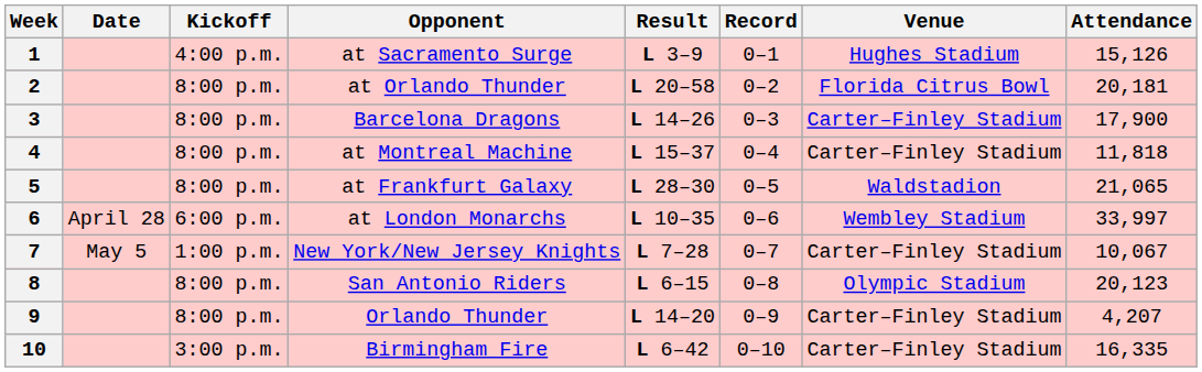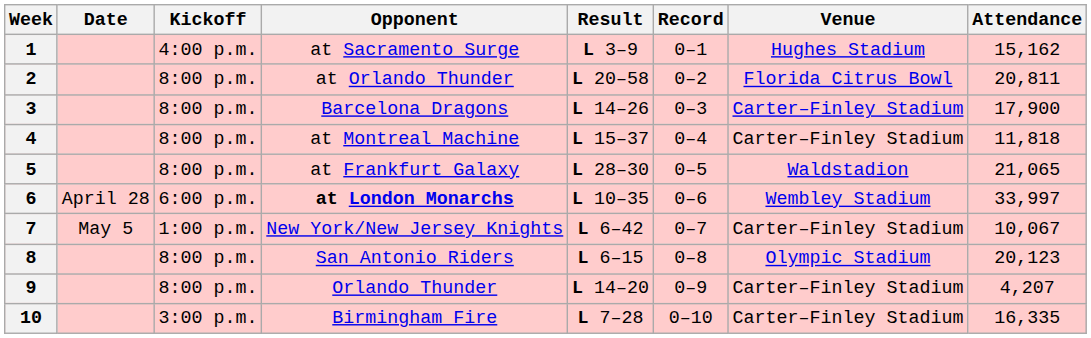 <table class="wikitable" style="text-align:center">
 <tr>
 <th>Week</th>
 <th>Date</th>
 <th>Kickoff</th>
 <th>Opponent</th>
 <th>Result</th>
 <th>Record</th>
 <th>Venue</th>
 <th>Attendance</th>
 </tr>
 <tr style="background:#fcc">
 <th>1</th>
 <td></td>
 <td>4:00 p.m.</td>
 <td>at <a href='#'>Sacramento Surge</a></td>
 <td><strong>L</strong> 3–9</td>
 <td>0–1</td>
 <td><a href='#'>Hughes Stadium</a></td>
-<td>15,126</td>
+<td>15,162</td>
 </tr>
 <tr style="background:#fcc">
 <th>2</th>
 <td></td>
 <td>8:00 p.m.</td>
 <td>at <a href='#'>Orlando Thunder</a></td>
 <td><strong>L</strong> 20–58</td>
 <td>0–2</td>
 <td><a href='#'>Florida Citrus Bowl</a></td>
-<td>20,181</td>
+<td>20,811</td>
 </tr>
 <tr style="background:#fcc">
 <th>3</th>
 <td></td>
 <td>8:00 p.m.</td>
 <td><a href='#'>Barcelona Dragons</a></td>
 <td><strong>L</strong> 14–26</td>
 <td>0–3</td>
 <td><a href='#'>Carter–Finley Stadium</a></td>
 <td>17,900</td>
 </tr>
 <tr style="background:#fcc">
 <th>4</th>
 <td></td>
 <td>8:00 p.m.</td>
 <td>at <a href='#'>Montreal Machine</a></td>
 <td><strong>L</strong> 15–37</td>
 <td>0–4</td>
 <td>Carter–Finley Stadium</td>
 <td>11,818</td>
 </tr>
 <tr style="background:#fcc">
 <th>5</th>
 <td></td>
 <td>8:00 p.m.</td>
 <td>at <a href='#'>Frankfurt Galaxy</a></td>
 <td><strong>L</strong> 28–30</td>
 <td>0–5</td>
 <td><a href='#'>Waldstadion</a></td>
 <td>21,065</td>
 </tr>
 <tr style="background:#fcc">
 <th>6</th>
 <td>April 28</td>
 <td>6:00 p.m.</td>
-<td>at <a href='#'>London Monarchs</a></td>
+<td><strong>at <a href='#'>London Monarchs</a></strong></td>
 <td><strong>L</strong> 10–35</td>
 <td>0–6</td>
 <td><a href='#'>Wembley Stadium</a></td>
 <td>33,997</td>
 </tr>
 <tr style="background:#fcc">
 <th>7</th>
 <td>May 5</td>
 <td>1:00 p.m.</td>
 <td><a href='#'>New York/New Jersey Knights</a></td>
-<td><strong>L</strong> 7–28</td>
+<td><strong>L</strong> 6–42</td>
 <td>0–7</td>
 <td>Carter–Finley Stadium</td>
 <td>10,067</td>
 </tr>
 <tr style="background:#fcc">
 <th>8</th>
 <td></td>
 <td>8:00 p.m.</td>
 <td><a href='#'>San Antonio Riders</a></td>
 <td><strong>L</strong> 6–15</td>
 <td>0–8</td>
 <td><a href='#'>Olympic Stadium</a></td>
 <td>20,123</td>
 </tr>
 <tr style="background:#fcc">
 <th>9</th>
 <td></td>
 <td>8:00 p.m.</td>
 <td><a href='#'>Orlando Thunder</a></td>
 <td><strong>L</strong> 14–20</td>
 <td>0–9</td>
 <td>Carter–Finley Stadium</td>
 <td>4,207</td>
 </tr>
 <tr style="background:#fcc">
 <th>10</th>
 <td></td>
 <td>3:00 p.m.</td>
 <td><a href='#'>Birmingham Fire</a></td>
-<td><strong>L</strong> 6–42</td>
+<td><strong>L</strong> 7–28</td>
 <td>0–10</td>
 <td>Carter–Finley Stadium</td>
 <td>16,335</td>
 </tr>
 </table>
